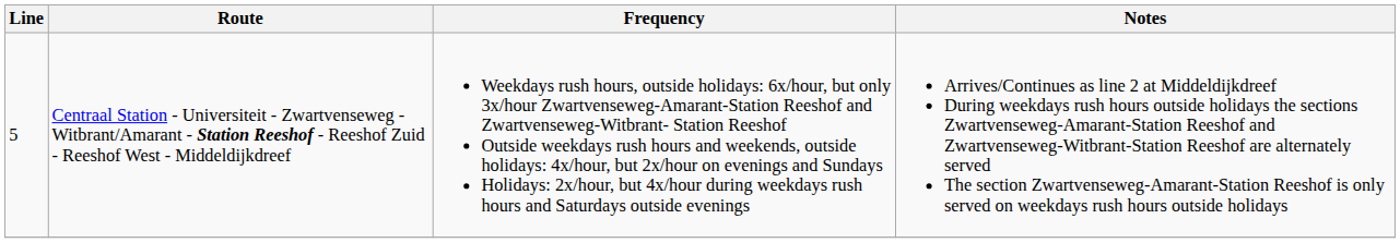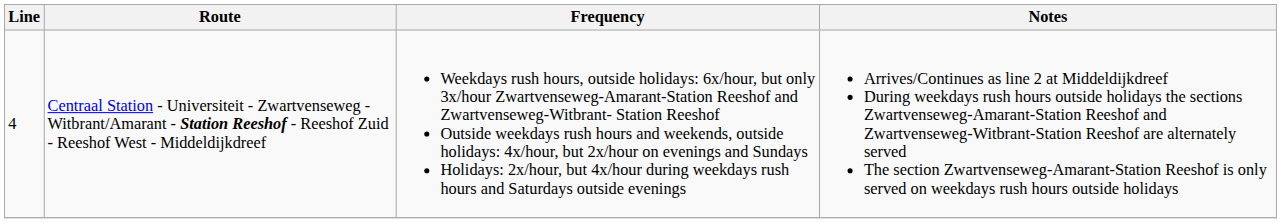 <table class="wikitable vatop">
 <tr>
 <th>Line</th>
 <th>Route</th>
 <th>Frequency</th>
 <th>Notes</th>
 </tr>
 <tr>
-<td>5</td>
+<td>4</td>
 <td><a href='#'>Centraal Station</a> - Universiteit - Zwartvenseweg - Witbrant/Amarant - <strong><em>Station Reeshof</em></strong> - Reeshof Zuid - Reeshof West - Middeldijkdreef</td>
 <td><br><ul><li>Weekdays rush hours, outside holidays: 6x/hour, but only 3x/hour Zwartvenseweg-Amarant-Station Reeshof and Zwartvenseweg-Witbrant- Station Reeshof</li><li>Outside weekdays rush hours and weekends, outside holidays: 4x/hour, but 2x/hour on evenings and Sundays</li><li>Holidays: 2x/hour, but 4x/hour during weekdays rush hours and Saturdays outside evenings</li></ul></td>
 <td><br><ul><li>Arrives/Continues as line 2 at Middeldijkdreef</li><li>During weekdays rush hours outside holidays the sections Zwartvenseweg-Amarant-Station Reeshof and Zwartvenseweg-Witbrant-Station Reeshof are alternately served</li><li>The section Zwartvenseweg-Amarant-Station Reeshof is only served on weekdays rush hours outside holidays</li></ul></td>
 </tr>
 <tr>
 </tr>
 </table>
